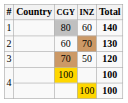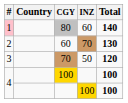 <table class="wikitable" style="text-align:center;">
 <tr>
 <th>#</th>
 <th>Country</th>
 <th><small>CGY</small></th>
 <th><small>INZ</small></th>
 <th>Total</th>
 </tr>
 <tr>
-<td>1</td>
+<td style="background: pink;">1</td>
 <td align=left></td>
 <td bgcolor=silver>80</td>
 <td>60</td>
 <td><strong>140</strong></td>
 </tr>
 <tr>
 <td>2</td>
 <td align=left></td>
 <td>60</td>
 <td bgcolor=cc9966>70</td>
 <td><strong>130</strong></td>
 </tr>
 <tr>
 <td>3</td>
 <td align=left></td>
 <td bgcolor=cc9966>70</td>
 <td>50</td>
 <td><strong>120</strong></td>
 </tr>
 <tr>
 <td rowspan=2>4</td>
 <td align=left></td>
 <td bgcolor=gold>100</td>
 <td></td>
 <td><strong>100</strong></td>
 </tr>
 <tr>
 <td align=left></td>
 <td></td>
 <td bgcolor=gold>100</td>
 <td><strong>100</strong></td>
 </tr>
 </table>
